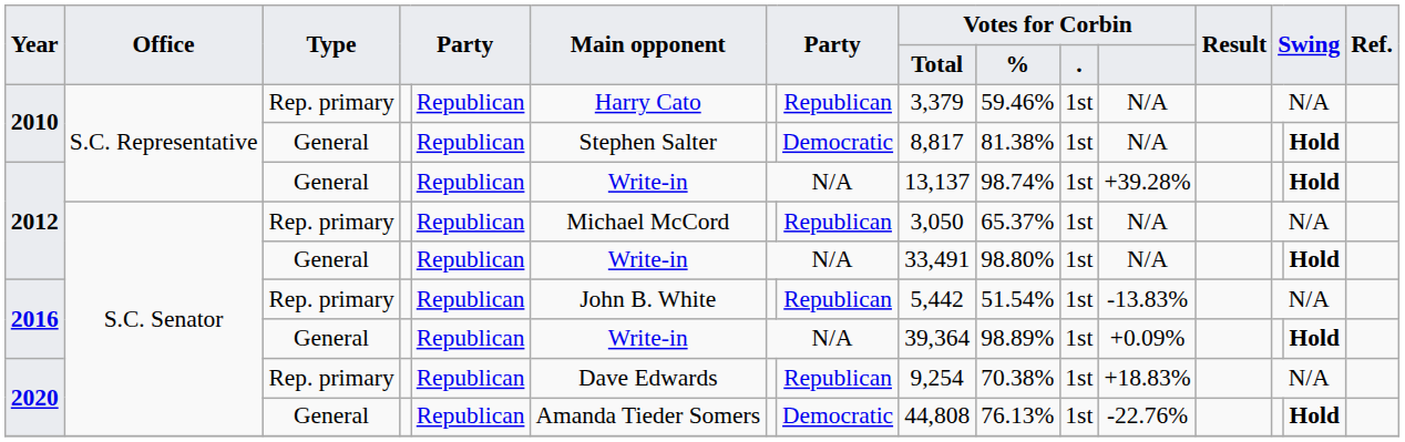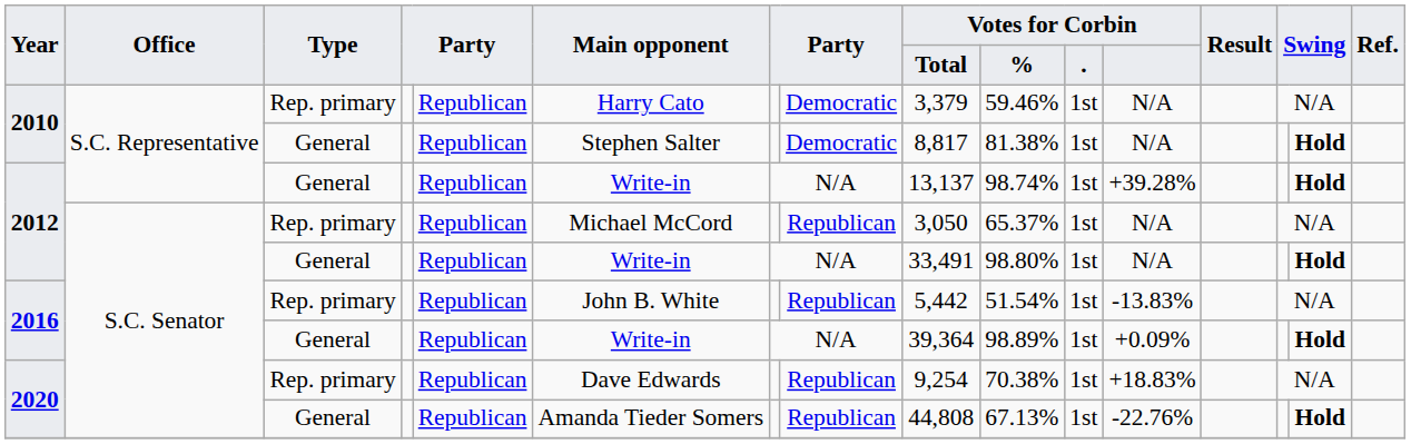 <table class="wikitable" style="font-size: 90%; text-align:center;">
 <tr>
 <th style="background-color:#EAECF0;" rowspan=2>Year</th>
 <th style="background-color:#EAECF0;" rowspan=2>Office</th>
 <th style="background-color:#EAECF0;" rowspan=2>Type</th>
 <th style="background-color:#EAECF0;" colspan=2 rowspan=2>Party</th>
 <th style="background-color:#EAECF0;" rowspan=2>Main opponent</th>
 <th style="background-color:#EAECF0;" colspan=2 rowspan=2>Party</th>
 <th style="background-color:#EAECF0;" colspan=4>Votes for Corbin</th>
 <th style="background-color:#EAECF0;" rowspan=2>Result</th>
 <th style="background-color:#EAECF0;" colspan=2 rowspan=2><a href='#'>Swing</a></th>
 <th style="background-color:#EAECF0;" colspan=2 rowspan=2>Ref.</th>
 </tr>
 <tr>
 <th style="background-color:#EAECF0;">Total</th>
 <th style="background-color:#EAECF0;">%</th>
 <th style="background-color:#EAECF0;">.</th>
 <th style="background-color:#EAECF0;"></th>
 </tr>
 <tr>
 <th rowspan=2 style="background-color:#EAECF0;">2010</th>
 <td rowspan=3>S.C. Representative</td>
 <td>Rep. primary</td>
 <td style="background-color:"></td>
 <td><a href='#'>Republican</a></td>
 <td><a href='#'>Harry Cato</a></td>
 <td style="background-color:"></td>
-<td><a href='#'>Republican</a></td>
+<td><a href='#'>Democratic</a></td>
 <td>3,379</td>
 <td>59.46%</td>
 <td>1st</td>
 <td>N/A</td>
 <td></td>
 <td colspan=2>N/A</td>
 <td></td>
 </tr>
 <tr>
 <td>General</td>
 <td style="background-color:"></td>
 <td><a href='#'>Republican</a></td>
 <td>Stephen Salter</td>
 <td style="background-color:"></td>
 <td><a href='#'>Democratic</a></td>
 <td>8,817</td>
 <td>81.38%</td>
 <td>1st</td>
 <td>N/A</td>
 <td></td>
 <td style="background-color:"></td>
 <td><strong>Hold</strong></td>
 <td></td>
 </tr>
 <tr>
 <th rowspan=3 style="background-color:#EAECF0;">2012</th>
 <td>General</td>
 <td style="background-color:"></td>
 <td><a href='#'>Republican</a></td>
 <td><a href='#'>Write-in</a></td>
 <td colspan=2>N/A</td>
 <td>13,137</td>
 <td>98.74%</td>
 <td>1st</td>
 <td>+39.28%</td>
 <td></td>
 <td style="background-color:"></td>
 <td><strong>Hold</strong></td>
 <td></td>
 </tr>
 <tr>
 <td rowspan=6>S.C. Senator</td>
 <td>Rep. primary</td>
 <td style="background-color:"></td>
 <td><a href='#'>Republican</a></td>
 <td>Michael McCord</td>
 <td style="background-color:"></td>
 <td><a href='#'>Republican</a></td>
 <td>3,050</td>
 <td>65.37%</td>
 <td>1st</td>
 <td>N/A</td>
 <td></td>
 <td colspan=2>N/A</td>
 <td></td>
 </tr>
 <tr>
 <td>General</td>
 <td style="background-color:"></td>
 <td><a href='#'>Republican</a></td>
 <td><a href='#'>Write-in</a></td>
 <td colspan=2>N/A</td>
 <td>33,491</td>
 <td>98.80%</td>
 <td>1st</td>
 <td>N/A</td>
 <td></td>
 <td style="background-color:"></td>
 <td><strong>Hold</strong></td>
 <td></td>
 </tr>
 <tr>
 <th rowspan=2 style="background-color:#EAECF0;"><a href='#'>2016</a></th>
 <td>Rep. primary</td>
 <td style="background-color:"></td>
 <td><a href='#'>Republican</a></td>
 <td>John B. White</td>
 <td style="background-color:"></td>
 <td><a href='#'>Republican</a></td>
 <td>5,442</td>
 <td>51.54%</td>
 <td>1st</td>
 <td>-13.83%</td>
 <td></td>
 <td colspan=2>N/A</td>
 <td></td>
 </tr>
 <tr>
 <td>General</td>
 <td style="background-color:"></td>
 <td><a href='#'>Republican</a></td>
 <td><a href='#'>Write-in</a></td>
 <td colspan=2>N/A</td>
 <td>39,364</td>
 <td>98.89%</td>
 <td>1st</td>
 <td>+0.09%</td>
 <td></td>
 <td style="background-color:"></td>
 <td><strong>Hold</strong></td>
 <td></td>
 </tr>
 <tr>
 <th rowspan=2 style="background-color:#EAECF0;"><a href='#'>2020</a></th>
 <td>Rep. primary</td>
 <td style="background-color:"></td>
 <td><a href='#'>Republican</a></td>
 <td>Dave Edwards</td>
 <td style="background-color:"></td>
 <td><a href='#'>Republican</a></td>
 <td>9,254</td>
 <td>70.38%</td>
 <td>1st</td>
 <td>+18.83%</td>
 <td></td>
 <td colspan=2>N/A</td>
 <td></td>
 </tr>
 <tr>
 <td>General</td>
 <td style="background-color:"></td>
 <td><a href='#'>Republican</a></td>
 <td>Amanda Tieder Somers</td>
 <td style="background-color:"></td>
-<td><a href='#'>Democratic</a></td>
+<td><a href='#'>Republican</a></td>
 <td>44,808</td>
-<td>76.13%</td>
+<td>67.13%</td>
 <td>1st</td>
 <td>-22.76%</td>
 <td></td>
 <td style="background-color:"></td>
 <td><strong>Hold</strong></td>
 <td></td>
 </tr>
 <tr>
 </tr>
 </table>
